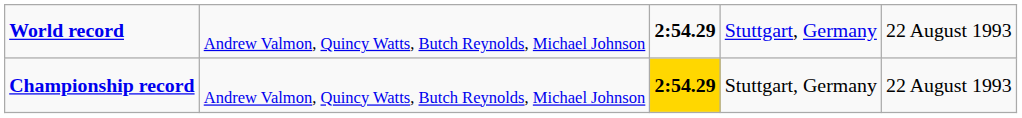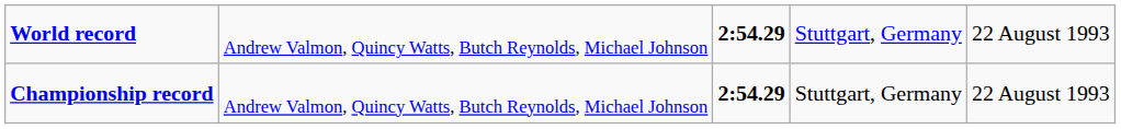 <table class="wikitable">
 <tr>
 <td><strong><a href='#'>World record</a></strong></td>
 <td><br> <small><a href='#'>Andrew Valmon</a>, <a href='#'>Quincy Watts</a>, <a href='#'>Butch Reynolds</a>, <a href='#'>Michael Johnson</a></small></td>
 <td><strong>2:54.29</strong></td>
 <td><a href='#'>Stuttgart</a>, <a href='#'>Germany</a></td>
 <td>22 August 1993</td>
 </tr>
 <tr>
 <td><strong><a href='#'>Championship record</a></strong></td>
 <td><br> <small><a href='#'>Andrew Valmon</a>, <a href='#'>Quincy Watts</a>, <a href='#'>Butch Reynolds</a>, <a href='#'>Michael Johnson</a></small></td>
-<td style="background: gold;"><strong>2:54.29</strong></td>
+<td><strong>2:54.29</strong></td>
 <td>Stuttgart, Germany</td>
 <td>22 August 1993</td>
 </tr>
 </table>
